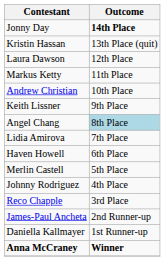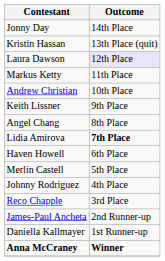 <table class="wikitable">
 <tr>
 <th>Contestant</th>
 <th>Outcome</th>
 </tr>
 <tr>
 <td>Jonny Day</td>
-<td><strong>14th Place</strong></td>
+<td>14th Place</td>
 </tr>
 <tr>
 <td>Kristin Hassan</td>
 <td>13th Place (quit)</td>
 </tr>
 <tr>
 <td>Laura Dawson</td>
-<td>12th Place</td>
+<td style="background: lavender;">12th Place</td>
 </tr>
 <tr>
 <td>Markus Ketty</td>
 <td>11th Place</td>
 </tr>
 <tr>
 <td><a href='#'>Andrew Christian</a></td>
 <td>10th Place</td>
 </tr>
 <tr>
 <td>Keith Lissner</td>
 <td>9th Place</td>
 </tr>
 <tr>
 <td>Angel Chang</td>
-<td style="background: lightblue;">8th Place</td>
+<td>8th Place</td>
 </tr>
 <tr>
 <td>Lidia Amirova</td>
-<td>7th Place</td>
+<td><strong>7th Place</strong></td>
 </tr>
 <tr>
 <td>Haven Howell</td>
 <td>6th Place</td>
 </tr>
 <tr>
 <td>Merlin Castell</td>
 <td>5th Place</td>
 </tr>
 <tr>
 <td>Johnny Rodriguez</td>
 <td>4th Place</td>
 </tr>
 <tr>
 <td><a href='#'>Reco Chapple</a></td>
 <td>3rd Place</td>
 </tr>
 <tr>
 <td><a href='#'>James-Paul Ancheta</a></td>
 <td>2nd Runner-up</td>
 </tr>
 <tr>
 <td>Daniella Kallmayer</td>
 <td>1st Runner-up</td>
 </tr>
 <tr>
 <td><strong>Anna McCraney </strong></td>
 <td><strong>Winner</strong></td>
 </tr>
 <tr>
 </tr>
 </table>
